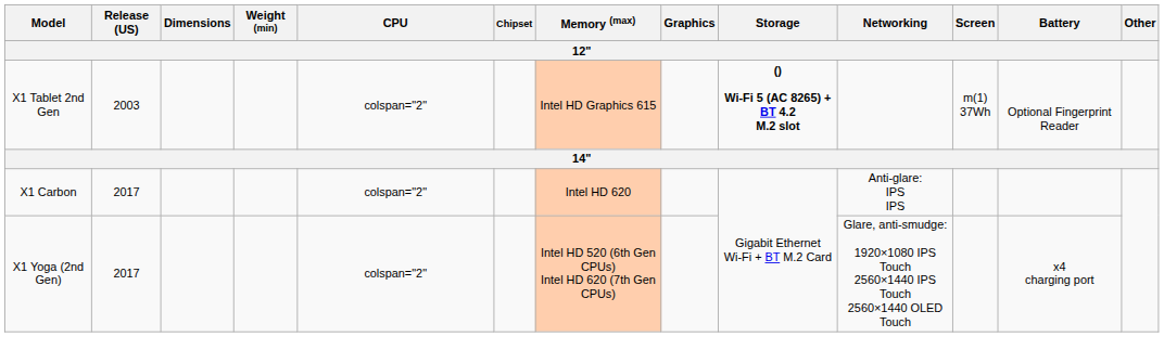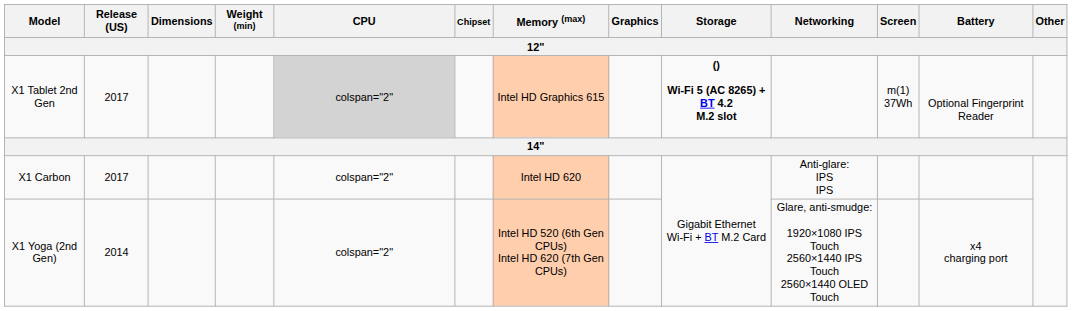 <table class="wikitable" style="font-size: 80%; text-align: center; min-width: 80%;">
 <tr>
 <th>Model</th>
 <th>Release (US)</th>
 <th>Dimensions</th>
 <th>Weight <sup>(min)</sup></th>
 <th style="width:17%">CPU</th>
 <th><small>Chipset</small></th>
 <th>Memory <sup>(max)</sup></th>
 <th>Graphics</th>
 <th>Storage</th>
 <th>Networking</th>
 <th>Screen</th>
 <th>Battery</th>
 <th>Other</th>
 </tr>
 <tr>
 <th colspan=13>12"</th>
 </tr>
 <tr>
 <td>X1 Tablet 2nd Gen </td>
-<td>2003</td>
+<td>2017</td>
 <td></td>
 <td></td>
-<td>colspan="2" </td>
+<td style="background: lightgrey;">colspan="2" </td>
 <td></td>
 <td style="background:#ffcead;">Intel HD Graphics 615</td>
 <td></td>
 <td><strong>()<br><br>Wi-Fi 5 (AC 8265) + <a href='#'>BT</a> 4.2 <br>M.2 slot<br><br><small></small></strong></td>
 <td></td>
 <td style="background:">m(1)<br>37Wh</td>
 <td><br><br>Optional Fingerprint Reader<br></td>
 <td></td>
 </tr>
 <tr>
 <th colspan=13>14"</th>
 </tr>
 <tr>
 <td>X1 Carbon </td>
 <td>2017</td>
 <td></td>
 <td></td>
 <td>colspan="2" </td>
 <td></td>
 <td style="background:#ffcead;">Intel HD 620</td>
 <td></td>
 <td rowspan="2"> Gigabit Ethernet<br>Wi-Fi + <a href='#'>BT</a> M.2 Card<br><small></small></td>
 <td style="background:">Anti-glare: <br> IPS <br> IPS</td>
 <td></td>
 <td></td>
 </tr>
 <tr>
 <td>X1 Yoga (2nd Gen)</td>
-<td>2017</td>
+<td>2014</td>
 <td></td>
 <td></td>
 <td>colspan="2" </td>
 <td></td>
 <td style="background:#ffcead;">Intel HD 520 (6th Gen CPUs) <br> Intel HD 620 (7th Gen CPUs)</td>
 <td></td>
 <td style="background:">Glare, anti-smudge: <br><br>1920×1080 IPS Touch<br> 2560×1440 IPS Touch<br> 2560×1440 OLED Touch</td>
 <td></td>
 <td> x4<br> charging port</td>
 </tr>
 </table>
